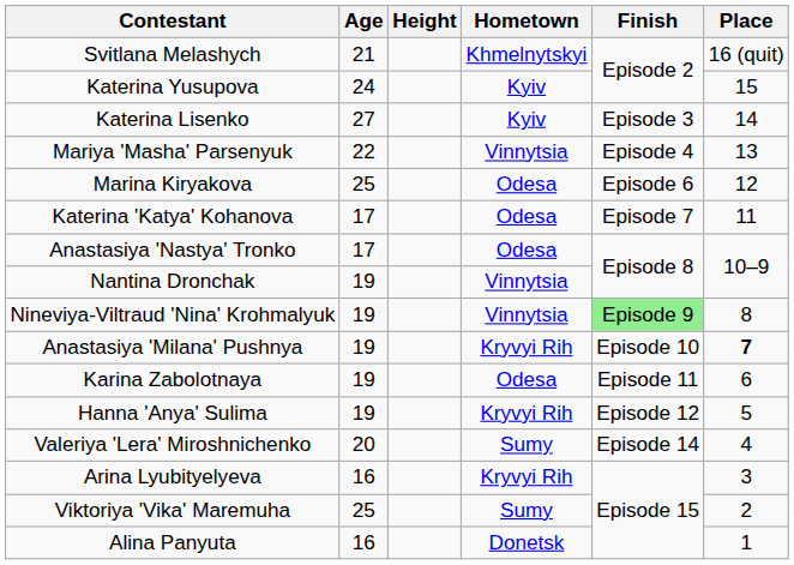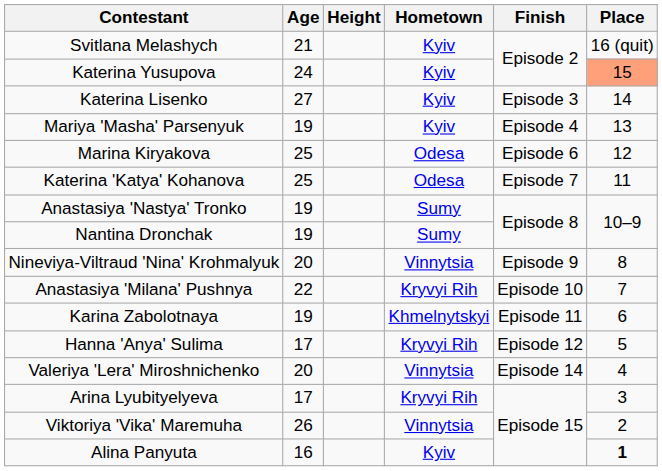 <table class="wikitable sortable" style="text-align:center;">
 <tr>
 <th>Contestant</th>
 <th>Age</th>
 <th>Height</th>
 <th>Hometown</th>
 <th>Finish</th>
 <th>Place</th>
 </tr>
 <tr>
 <td>Svitlana Melashych</td>
 <td>21</td>
 <td></td>
-<td><a href='#'>Khmelnytskyi</a></td>
+<td><a href='#'>Kyiv</a></td>
 <td rowspan="2">Episode 2</td>
 <td>16 (quit)</td>
 </tr>
 <tr>
 <td>Katerina Yusupova</td>
 <td>24</td>
 <td></td>
 <td><a href='#'>Kyiv</a></td>
-<td>15</td>
+<td style="background: lightsalmon;">15</td>
 </tr>
 <tr>
 <td>Katerina Lisenko</td>
 <td>27</td>
 <td></td>
 <td><a href='#'>Kyiv</a></td>
 <td>Episode 3</td>
 <td>14</td>
 </tr>
 <tr>
 <td>Mariya 'Masha' Parsenyuk</td>
-<td>22</td>
+<td>19</td>
 <td></td>
-<td><a href='#'>Vinnytsia</a></td>
+<td><a href='#'>Kyiv</a></td>
 <td>Episode 4</td>
 <td>13</td>
 </tr>
 <tr>
 <td>Marina Kiryakova</td>
 <td>25</td>
 <td></td>
 <td><a href='#'>Odesa</a></td>
 <td>Episode 6</td>
 <td>12</td>
 </tr>
 <tr>
 <td>Katerina 'Katya' Kohanova</td>
-<td>17</td>
+<td>25</td>
 <td></td>
 <td><a href='#'>Odesa</a></td>
 <td>Episode 7</td>
 <td>11</td>
 </tr>
 <tr>
 <td>Anastasiya 'Nastya' Tronko</td>
-<td>17</td>
+<td>19</td>
 <td></td>
-<td><a href='#'>Odesa</a></td>
+<td><a href='#'>Sumy</a></td>
 <td rowspan="2">Episode 8</td>
 <td rowspan="2">10–9</td>
 </tr>
 <tr>
 <td>Nantina Dronchak</td>
 <td>19</td>
 <td></td>
-<td><a href='#'>Vinnytsia</a></td>
+<td><a href='#'>Sumy</a></td>
 </tr>
 <tr>
 <td>Nineviya-Viltraud 'Nina' Krohmalyuk</td>
-<td>19</td>
+<td>20</td>
 <td></td>
 <td><a href='#'>Vinnytsia</a></td>
-<td style="background: lightgreen;">Episode 9</td>
+<td>Episode 9</td>
 <td>8</td>
 </tr>
 <tr>
 <td>Anastasiya 'Milana' Pushnya</td>
-<td>19</td>
+<td>22</td>
 <td></td>
 <td><a href='#'>Kryvyi Rih</a></td>
 <td>Episode 10</td>
-<td><strong>7</strong></td>
+<td>7</td>
 </tr>
 <tr>
 <td>Karina Zabolotnaya</td>
 <td>19</td>
 <td></td>
-<td><a href='#'>Odesa</a></td>
+<td><a href='#'>Khmelnytskyi</a></td>
 <td>Episode 11</td>
 <td>6</td>
 </tr>
 <tr>
 <td>Hanna 'Anya' Sulima</td>
-<td>19</td>
+<td>17</td>
 <td></td>
 <td><a href='#'>Kryvyi Rih</a></td>
 <td>Episode 12</td>
 <td>5</td>
 </tr>
 <tr>
 <td>Valeriya 'Lera' Miroshnichenko</td>
 <td>20</td>
 <td></td>
-<td><a href='#'>Sumy</a></td>
+<td><a href='#'>Vinnytsia</a></td>
 <td>Episode 14</td>
 <td>4</td>
 </tr>
 <tr>
 <td>Arina Lyubityelyeva</td>
-<td>16</td>
+<td>17</td>
 <td></td>
 <td><a href='#'>Kryvyi Rih</a></td>
 <td rowspan="3">Episode 15</td>
 <td>3</td>
 </tr>
 <tr>
 <td>Viktoriya 'Vika' Maremuha</td>
-<td>25</td>
+<td>26</td>
 <td></td>
-<td><a href='#'>Sumy</a></td>
+<td><a href='#'>Vinnytsia</a></td>
 <td>2</td>
 </tr>
 <tr>
 <td>Alina Panyuta</td>
 <td>16</td>
 <td></td>
-<td><a href='#'>Donetsk</a></td>
-<td>1</td>
+<td><a href='#'>Kyiv</a></td>
+<td><strong>1</strong></td>
 </tr>
 </table>
